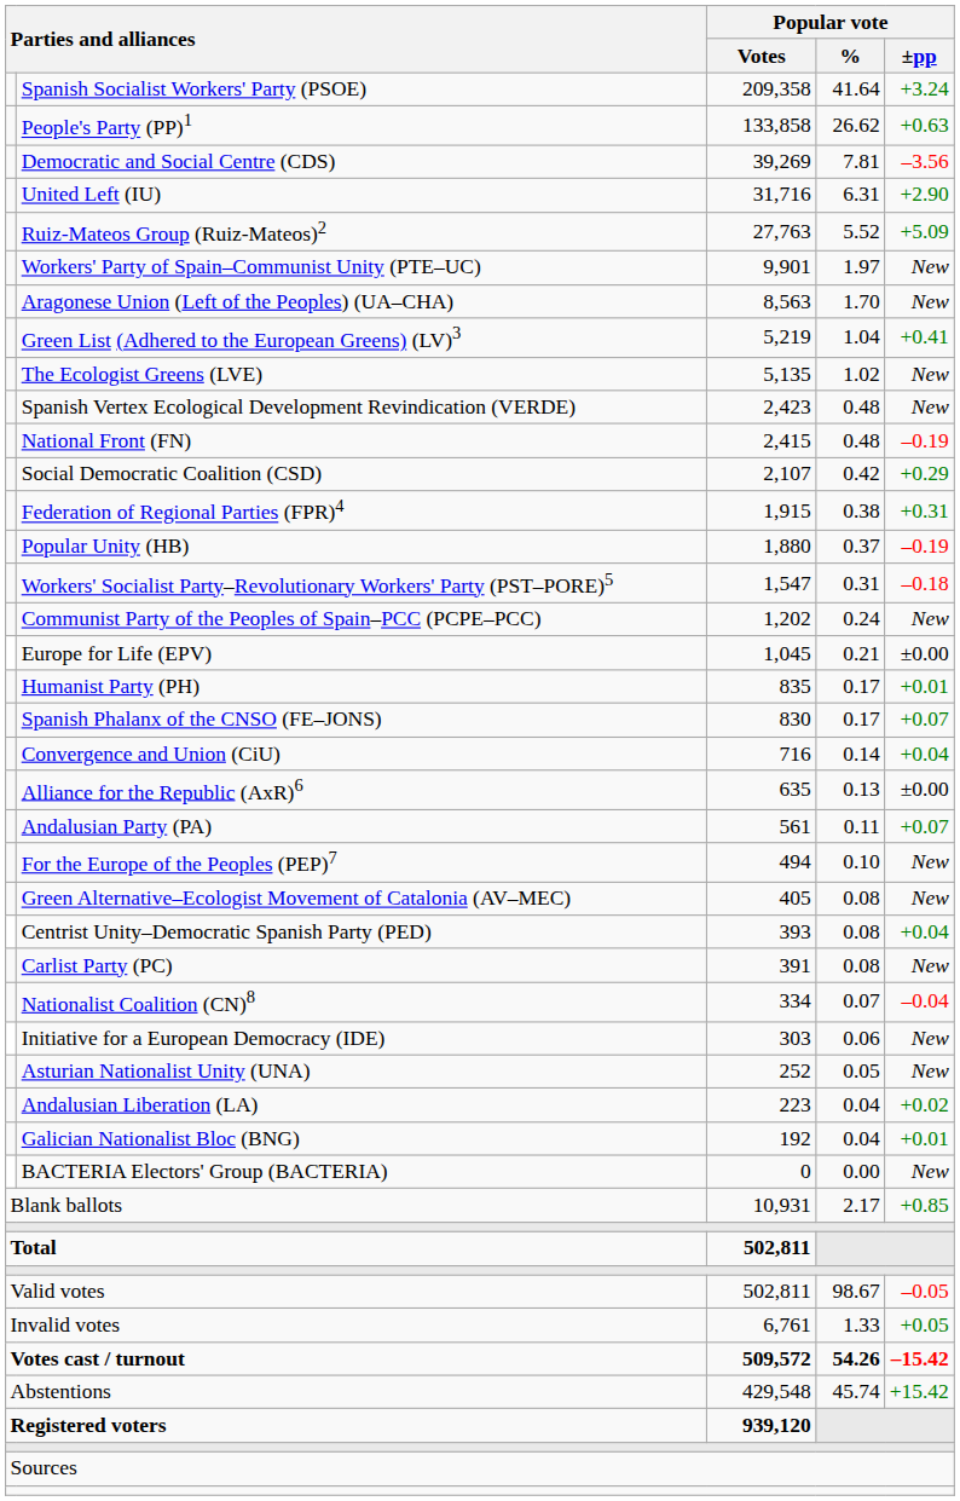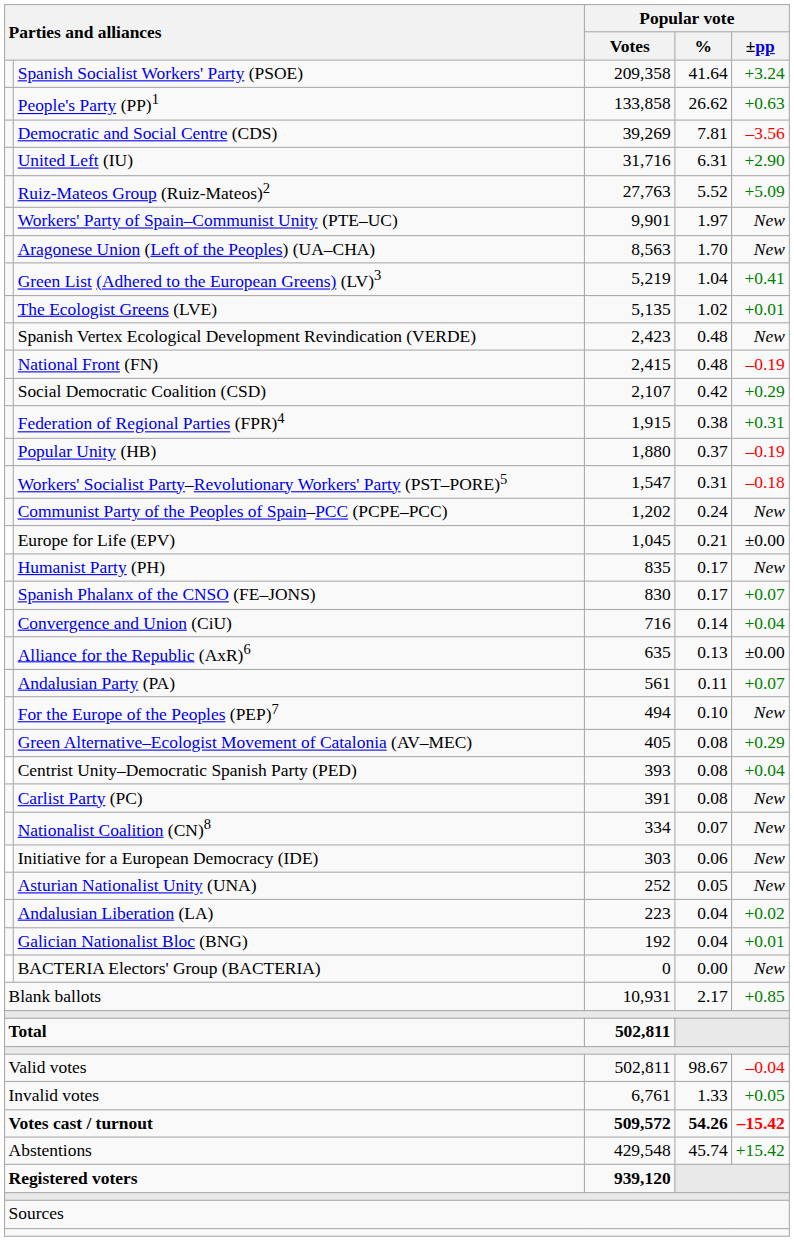 <table class="wikitable" style="text-align:right">
 <tr>
 <th style="text-align:left;" rowspan="2" colspan="2" width="525">Parties and alliances</th>
 <th colspan="3">Popular vote</th>
 </tr>
 <tr>
 <th width="75">Votes</th>
 <th width="45">%</th>
 <th width="45">±<a href='#'>pp</a></th>
 </tr>
 <tr>
 <td width="1" style="color:inherit;background:"></td>
 <td align="left"><a href='#'>Spanish Socialist Workers' Party</a> (PSOE)</td>
 <td>209,358</td>
 <td>41.64</td>
 <td style="color:green;">+3.24</td>
 </tr>
 <tr>
 <td style="color:inherit;background:"></td>
 <td align="left"><a href='#'>People's Party</a> (PP)<sup>1</sup></td>
 <td>133,858</td>
 <td>26.62</td>
 <td style="color:green;">+0.63</td>
 </tr>
 <tr>
 <td style="color:inherit;background:"></td>
 <td align="left"><a href='#'>Democratic and Social Centre</a> (CDS)</td>
 <td>39,269</td>
 <td>7.81</td>
 <td style="color:red;">–3.56</td>
 </tr>
 <tr>
 <td style="color:inherit;background:"></td>
 <td align="left"><a href='#'>United Left</a> (IU)</td>
 <td>31,716</td>
 <td>6.31</td>
 <td style="color:green;">+2.90</td>
 </tr>
 <tr>
 <td style="color:inherit;background:"></td>
 <td align="left"><a href='#'>Ruiz-Mateos Group</a> (Ruiz-Mateos)<sup>2</sup></td>
 <td>27,763</td>
 <td>5.52</td>
 <td style="color:green;">+5.09</td>
 </tr>
 <tr>
 <td style="color:inherit;background:"></td>
 <td align="left"><a href='#'>Workers' Party of Spain–Communist Unity</a> (PTE–UC)</td>
 <td>9,901</td>
 <td>1.97</td>
 <td><em>New</em></td>
 </tr>
 <tr>
 <td style="color:inherit;background:"></td>
 <td align="left"><a href='#'>Aragonese Union</a> (<a href='#'>Left of the Peoples</a>) (UA–CHA)</td>
 <td>8,563</td>
 <td>1.70</td>
 <td><em>New</em></td>
 </tr>
 <tr>
 <td style="color:inherit;background:"></td>
 <td align="left"><a href='#'>Green List</a> <a href='#'>(Adhered to the European Greens)</a> (LV)<sup>3</sup></td>
 <td>5,219</td>
 <td>1.04</td>
 <td style="color:green;">+0.41</td>
 </tr>
 <tr>
 <td style="color:inherit;background:"></td>
 <td align="left"><a href='#'>The Ecologist Greens</a> (LVE)</td>
 <td>5,135</td>
 <td>1.02</td>
-<td><em>New</em></td>
+<td style="color:green;">+0.01</td>
 </tr>
 <tr>
 <td style="color:inherit;background:"></td>
 <td align="left">Spanish Vertex Ecological Development Revindication (VERDE)</td>
 <td>2,423</td>
 <td>0.48</td>
 <td><em>New</em></td>
 </tr>
 <tr>
 <td style="color:inherit;background:"></td>
 <td align="left"><a href='#'>National Front</a> (FN)</td>
 <td>2,415</td>
 <td>0.48</td>
 <td style="color:red;">–0.19</td>
 </tr>
 <tr>
 <td style="color:inherit;background:"></td>
 <td align="left">Social Democratic Coalition (CSD)</td>
 <td>2,107</td>
 <td>0.42</td>
 <td style="color:green;">+0.29</td>
 </tr>
 <tr>
 <td style="color:inherit;background:"></td>
 <td align="left"><a href='#'>Federation of Regional Parties</a> (FPR)<sup>4</sup></td>
 <td>1,915</td>
 <td>0.38</td>
 <td style="color:green;">+0.31</td>
 </tr>
 <tr>
 <td style="color:inherit;background:"></td>
 <td align="left"><a href='#'>Popular Unity</a> (HB)</td>
 <td>1,880</td>
 <td>0.37</td>
 <td style="color:red;">–0.19</td>
 </tr>
 <tr>
 <td style="color:inherit;background:"></td>
 <td align="left"><a href='#'>Workers' Socialist Party</a>–<a href='#'>Revolutionary Workers' Party</a> (PST–PORE)<sup>5</sup></td>
 <td>1,547</td>
 <td>0.31</td>
 <td style="color:red;">–0.18</td>
 </tr>
 <tr>
 <td style="color:inherit;background:"></td>
 <td align="left"><a href='#'>Communist Party of the Peoples of Spain</a>–<a href='#'>PCC</a> (PCPE–PCC)</td>
 <td>1,202</td>
 <td>0.24</td>
 <td><em>New</em></td>
 </tr>
 <tr>
 <td bgcolor="white"></td>
 <td align="left">Europe for Life (EPV)</td>
 <td>1,045</td>
 <td>0.21</td>
 <td>±0.00</td>
 </tr>
 <tr>
 <td style="color:inherit;background:"></td>
 <td align="left"><a href='#'>Humanist Party</a> (PH)</td>
 <td>835</td>
 <td>0.17</td>
-<td style="color:green;">+0.01</td>
+<td><em>New</em></td>
 </tr>
 <tr>
 <td style="color:inherit;background:"></td>
 <td align="left"><a href='#'>Spanish Phalanx of the CNSO</a> (FE–JONS)</td>
 <td>830</td>
 <td>0.17</td>
 <td style="color:green;">+0.07</td>
 </tr>
 <tr>
 <td style="color:inherit;background:"></td>
 <td align="left"><a href='#'>Convergence and Union</a> (CiU)</td>
 <td>716</td>
 <td>0.14</td>
 <td style="color:green;">+0.04</td>
 </tr>
 <tr>
 <td style="color:inherit;background:"></td>
 <td align="left"><a href='#'>Alliance for the Republic</a> (AxR)<sup>6</sup></td>
 <td>635</td>
 <td>0.13</td>
 <td>±0.00</td>
 </tr>
 <tr>
 <td style="color:inherit;background:"></td>
 <td align="left"><a href='#'>Andalusian Party</a> (PA)</td>
 <td>561</td>
 <td>0.11</td>
 <td style="color:green;">+0.07</td>
 </tr>
 <tr>
 <td style="color:inherit;background:"></td>
 <td align="left"><a href='#'>For the Europe of the Peoples</a> (PEP)<sup>7</sup></td>
 <td>494</td>
 <td>0.10</td>
 <td><em>New</em></td>
 </tr>
 <tr>
 <td style="color:inherit;background:"></td>
 <td align="left"><a href='#'>Green Alternative–Ecologist Movement of Catalonia</a> (AV–MEC)</td>
 <td>405</td>
 <td>0.08</td>
-<td><em>New</em></td>
+<td style="color:green;">+0.29</td>
 </tr>
 <tr>
 <td bgcolor="white"></td>
 <td align="left">Centrist Unity–Democratic Spanish Party (PED)</td>
 <td>393</td>
 <td>0.08</td>
 <td style="color:green;">+0.04</td>
 </tr>
 <tr>
 <td style="color:inherit;background:"></td>
 <td align="left"><a href='#'>Carlist Party</a> (PC)</td>
 <td>391</td>
 <td>0.08</td>
 <td><em>New</em></td>
 </tr>
 <tr>
 <td style="color:inherit;background:"></td>
 <td align="left"><a href='#'>Nationalist Coalition</a> (CN)<sup>8</sup></td>
 <td>334</td>
 <td>0.07</td>
-<td style="color:red;">–0.04</td>
+<td><em>New</em></td>
 </tr>
 <tr>
 <td bgcolor="white"></td>
 <td align="left">Initiative for a European Democracy (IDE)</td>
 <td>303</td>
 <td>0.06</td>
 <td><em>New</em></td>
 </tr>
 <tr>
 <td style="color:inherit;background:"></td>
 <td align="left"><a href='#'>Asturian Nationalist Unity</a> (UNA)</td>
 <td>252</td>
 <td>0.05</td>
 <td><em>New</em></td>
 </tr>
 <tr>
 <td style="color:inherit;background:"></td>
 <td align="left"><a href='#'>Andalusian Liberation</a> (LA)</td>
 <td>223</td>
 <td>0.04</td>
 <td style="color:green;">+0.02</td>
 </tr>
 <tr>
 <td style="color:inherit;background:"></td>
 <td align="left"><a href='#'>Galician Nationalist Bloc</a> (BNG)</td>
 <td>192</td>
 <td>0.04</td>
 <td style="color:green;">+0.01</td>
 </tr>
 <tr>
 <td bgcolor="white"></td>
 <td align="left">BACTERIA Electors' Group (BACTERIA)</td>
 <td>0</td>
 <td>0.00</td>
 <td><em>New</em></td>
 </tr>
 <tr>
 <td align="left" colspan="2">Blank ballots</td>
 <td>10,931</td>
 <td>2.17</td>
 <td style="color:green;">+0.85</td>
 </tr>
 <tr>
 <td colspan="5" bgcolor="#E9E9E9"></td>
 </tr>
 <tr style="font-weight:bold;">
 <td align="left" colspan="2">Total</td>
 <td>502,811</td>
 <td bgcolor="#E9E9E9" colspan="2"></td>
 </tr>
 <tr>
 <td colspan="5" bgcolor="#E9E9E9"></td>
 </tr>
 <tr>
 <td align="left" colspan="2">Valid votes</td>
 <td>502,811</td>
 <td>98.67</td>
-<td style="color:red;">–0.05</td>
+<td style="color:red;">–0.04</td>
 </tr>
 <tr>
 <td align="left" colspan="2">Invalid votes</td>
 <td>6,761</td>
 <td>1.33</td>
 <td style="color:green;">+0.05</td>
 </tr>
 <tr style="font-weight:bold;">
 <td align="left" colspan="2">Votes cast / turnout</td>
 <td>509,572</td>
 <td>54.26</td>
 <td style="color:red;">–15.42</td>
 </tr>
 <tr>
 <td align="left" colspan="2">Abstentions</td>
 <td>429,548</td>
 <td>45.74</td>
 <td style="color:green;">+15.42</td>
 </tr>
 <tr style="font-weight:bold;">
 <td align="left" colspan="2">Registered voters</td>
 <td>939,120</td>
 <td bgcolor="#E9E9E9" colspan="2"></td>
 </tr>
 <tr>
 <td colspan="5" bgcolor="#E9E9E9"></td>
 </tr>
 <tr>
 <td align="left" colspan="5">Sources</td>
 </tr>
 <tr>
 <td colspan="5" style="text-align:left; max-width:680px;"></td>
 </tr>
 </table>
